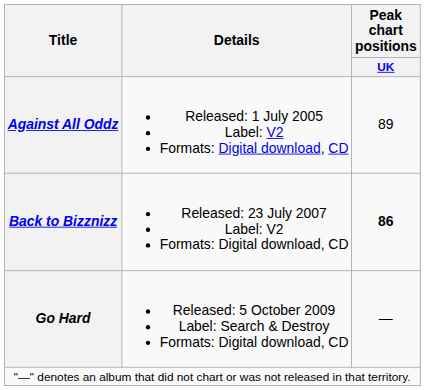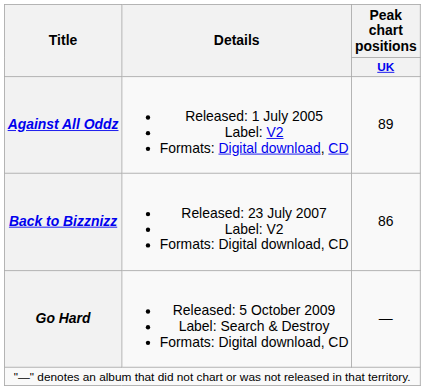 <table class="wikitable plainrowheaders" style="text-align:center;">
 <tr>
 <th scope="col" rowspan="2">Title</th>
 <th scope="col" rowspan="2">Details</th>
 <th scope="col">Peak chart positions</th>
 </tr>
 <tr>
 <th scope="col" style="width:3em; font-size:85%"><a href='#'>UK</a><br></th>
 </tr>
 <tr>
 <th scope="row"><em><a href='#'>Against All Oddz</a></em></th>
 <td><br><ul><li>Released: 1 July 2005</li><li>Label: <a href='#'>V2</a></li><li>Formats: <a href='#'>Digital download</a>, <a href='#'>CD</a></li></ul></td>
 <td>89</td>
 </tr>
 <tr>
 <th scope="row"><em><a href='#'>Back to Bizznizz</a></em></th>
 <td><br><ul><li>Released: 23 July 2007</li><li>Label: V2</li><li>Formats: Digital download, CD</li></ul></td>
-<td><strong>86</strong></td>
+<td>86</td>
 </tr>
 <tr>
 <th scope="row"><em>Go Hard</em></th>
 <td><br><ul><li>Released: 5 October 2009</li><li>Label: Search & Destroy</li><li>Formats: Digital download, CD</li></ul></td>
 <td>—</td>
 </tr>
 <tr>
 <td colspan="15" style="font-size:85%">"—" denotes an album that did not chart or was not released in that territory.</td>
 </tr>
 </table>
